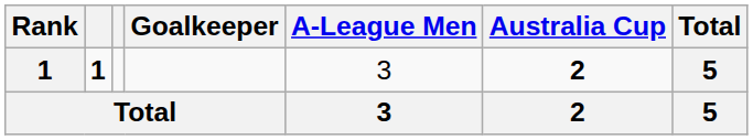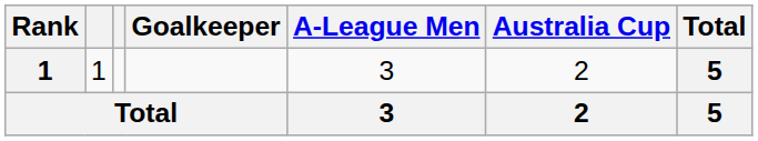 <table class="wikitable" style="text-align:center">
 <tr>
 <th>Rank</th>
 <th></th>
 <th></th>
 <th>Goalkeeper</th>
 <th><a href='#'>A-League Men</a></th>
 <th><a href='#'>Australia Cup</a></th>
 <th>Total</th>
 </tr>
 <tr>
 <th>1</th>
-<td><strong>1</strong></td>
+<td>1</td>
 <td></td>
 <td align="left"></td>
 <td>3</td>
-<td><strong>2</strong></td>
+<td>2</td>
 <th>5</th>
 </tr>
 <tr>
 <th colspan="4">Total</th>
 <th>3</th>
 <th>2</th>
 <th>5</th>
 </tr>
 </table>
